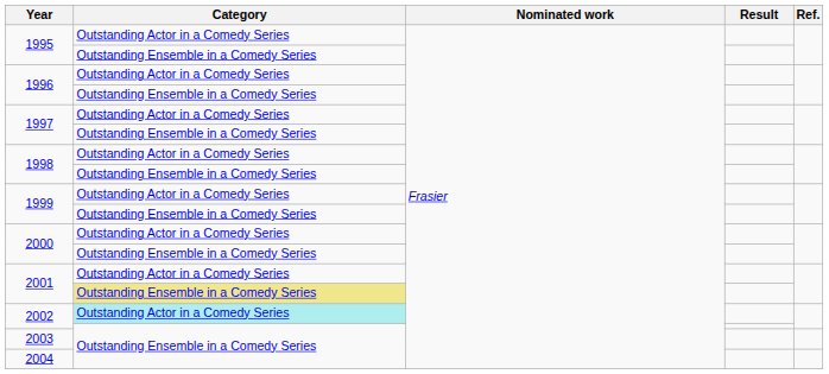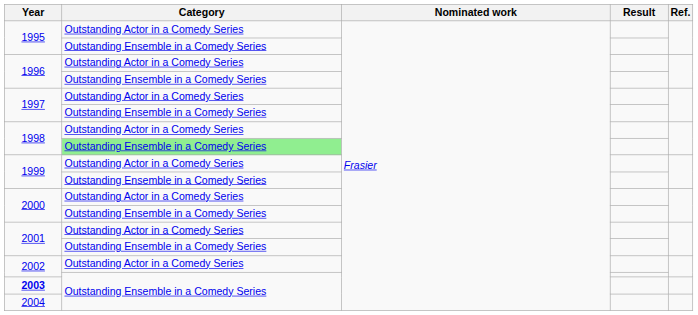 <table class=wikitable>
 <tr>
 <th scope="col" style="width:5em;">Year</th>
 <th scope="col" style="width:26em;">Category</th>
 <th scope="col" style="width:25em;">Nominated work</th>
 <th scope="col" style="width:5em;">Result</th>
 <th>Ref.</th>
 </tr>
 <tr>
 <td style="text-align:center;", rowspan="2"><a href='#'>1995</a></td>
 <td><a href='#'>Outstanding Actor in a Comedy Series</a></td>
 <td rowspan="18"><em><a href='#'>Frasier</a></em></td>
 <td></td>
 <td rowspan="2"></td>
 </tr>
 <tr>
 <td><a href='#'>Outstanding Ensemble in a Comedy Series</a></td>
 <td></td>
 </tr>
 <tr>
 <td style="text-align:center;", rowspan="2"><a href='#'>1996</a></td>
 <td><a href='#'>Outstanding Actor in a Comedy Series</a></td>
 <td></td>
 <td rowspan="2"></td>
 </tr>
 <tr>
 <td><a href='#'>Outstanding Ensemble in a Comedy Series</a></td>
 <td></td>
 </tr>
 <tr>
 <td style="text-align:center;", rowspan="2"><a href='#'>1997</a></td>
 <td><a href='#'>Outstanding Actor in a Comedy Series</a></td>
 <td></td>
 <td rowspan="2"></td>
 </tr>
 <tr>
 <td><a href='#'>Outstanding Ensemble in a Comedy Series</a></td>
 <td></td>
 </tr>
 <tr>
 <td style="text-align:center;", rowspan="2"><a href='#'>1998</a></td>
 <td><a href='#'>Outstanding Actor in a Comedy Series</a></td>
 <td></td>
 <td rowspan="2"></td>
 </tr>
 <tr>
-<td><a href='#'>Outstanding Ensemble in a Comedy Series</a></td>
+<td style="background: lightgreen;"><a href='#'>Outstanding Ensemble in a Comedy Series</a></td>
 <td></td>
 </tr>
 <tr>
 <td style="text-align:center;", rowspan="2"><a href='#'>1999</a></td>
 <td><a href='#'>Outstanding Actor in a Comedy Series</a></td>
 <td></td>
 <td rowspan="2"></td>
 </tr>
 <tr>
 <td><a href='#'>Outstanding Ensemble in a Comedy Series</a></td>
 <td></td>
 </tr>
 <tr>
 <td style="text-align:center;", rowspan="2"><a href='#'>2000</a></td>
 <td><a href='#'>Outstanding Actor in a Comedy Series</a></td>
 <td></td>
 <td rowspan="2"></td>
 </tr>
 <tr>
 <td><a href='#'>Outstanding Ensemble in a Comedy Series</a></td>
 <td></td>
 </tr>
 <tr>
 <td style="text-align:center;", rowspan="2"><a href='#'>2001</a></td>
 <td><a href='#'>Outstanding Actor in a Comedy Series</a></td>
 <td></td>
 <td rowspan="2"></td>
 </tr>
 <tr>
-<td style="background: khaki;"><a href='#'>Outstanding Ensemble in a Comedy Series</a></td>
+<td><a href='#'>Outstanding Ensemble in a Comedy Series</a></td>
 <td></td>
 </tr>
 <tr>
 <td style="text-align:center;", rowspan="2"><a href='#'>2002</a></td>
-<td style="background: paleturquoise;"><a href='#'>Outstanding Actor in a Comedy Series</a></td>
+<td><a href='#'>Outstanding Actor in a Comedy Series</a></td>
 <td></td>
 <td rowspan="2"></td>
 </tr>
 <tr>
 <td rowspan="3"><a href='#'>Outstanding Ensemble in a Comedy Series</a></td>
 <td></td>
 </tr>
 <tr>
-<td style="text-align:center;"><a href='#'>2003</a></td>
+<td style="text-align:center;"><strong><a href='#'>2003</a></strong></td>
 <td></td>
 <td></td>
 </tr>
 <tr>
 <td style="text-align:center;"><a href='#'>2004</a></td>
 <td></td>
 <td></td>
 </tr>
 </table>
